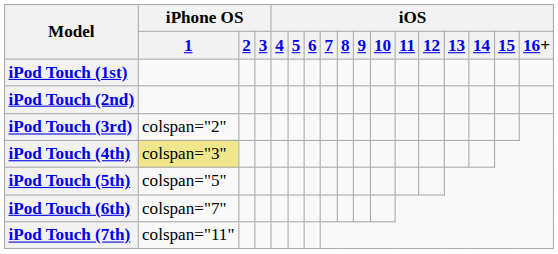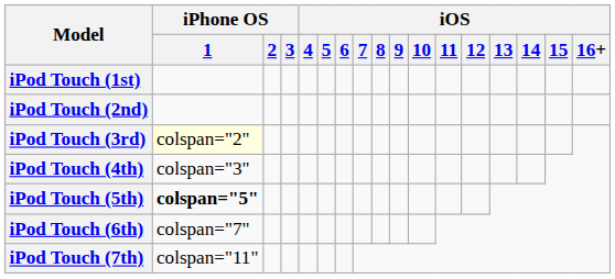 <table class="wikitable">
 <tr>
 <th scope="col" rowspan="2">Model</th>
 <th scope="colgroup" colspan="3">iPhone OS</th>
 <th scope="colgroup" colspan="15">iOS</th>
 </tr>
 <tr>
 <th scope="col"><a href='#'>1</a></th>
 <th scope="col"><a href='#'>2</a></th>
 <th scope="col"><a href='#'>3</a></th>
 <th scope="col"><a href='#'>4</a></th>
 <th scope="col"><a href='#'>5</a></th>
 <th scope="col"><a href='#'>6</a></th>
 <th scope="col"><a href='#'>7</a></th>
 <th scope="col"><a href='#'>8</a></th>
 <th scope="col"><a href='#'>9</a></th>
 <th scope="col"><a href='#'>10</a></th>
 <th scope="col"><a href='#'>11</a></th>
 <th scope="col"><a href='#'>12</a></th>
 <th scope="col"><a href='#'>13</a></th>
 <th scope="col"><a href='#'>14</a></th>
 <th scope="col"><a href='#'>15</a></th>
 <th scope="col"><a href='#'>16</a>+</th>
 </tr>
 <tr>
 <th scope="row" style="text-align: left"><a href='#'>iPod Touch (1st)</a></th>
 <td></td>
 <td></td>
 <td></td>
 <td></td>
 <td></td>
 <td></td>
 <td></td>
 <td></td>
 <td></td>
 <td></td>
 <td></td>
 <td></td>
 <td></td>
 <td></td>
 <td></td>
 <td></td>
 </tr>
 <tr>
 <th scope="row" style="text-align: left"><a href='#'>iPod Touch (2nd)</a></th>
 <td></td>
 <td></td>
 <td></td>
 <td></td>
 <td></td>
 <td></td>
 <td></td>
 <td></td>
 <td></td>
 <td></td>
 <td></td>
 <td></td>
 <td></td>
 <td></td>
 <td></td>
 <td></td>
 </tr>
 <tr>
 <th scope="row" style="text-align: left"><a href='#'>iPod Touch (3rd)</a></th>
-<td>colspan="2" </td>
+<td style="background: lightyellow;">colspan="2" </td>
 <td></td>
 <td></td>
 <td></td>
 <td></td>
 <td></td>
 <td></td>
 <td></td>
 <td></td>
 <td></td>
 <td></td>
 <td></td>
 <td></td>
 <td></td>
 <td></td>
 </tr>
 <tr>
 <th scope="row" style="text-align: left"><a href='#'>iPod Touch (4th)</a></th>
-<td style="background: khaki;">colspan="3" </td>
+<td>colspan="3" </td>
 <td></td>
 <td></td>
 <td></td>
 <td></td>
 <td></td>
 <td></td>
 <td></td>
 <td></td>
 <td></td>
 <td></td>
 <td></td>
 <td></td>
 <td></td>
 </tr>
 <tr>
 <th scope="row" style="text-align: left"><a href='#'>iPod Touch (5th)</a></th>
-<td>colspan="5" </td>
+<td><strong>colspan="5" </strong></td>
 <td></td>
 <td></td>
 <td></td>
 <td></td>
 <td></td>
 <td></td>
 <td></td>
 <td></td>
 <td></td>
 <td></td>
 <td></td>
 </tr>
 <tr>
 <th scope="row" style="text-align: left"><a href='#'>iPod Touch (6th)</a></th>
 <td>colspan="7" </td>
 <td></td>
 <td></td>
 <td></td>
 <td></td>
 <td></td>
 <td></td>
 <td></td>
 <td></td>
 <td></td>
 </tr>
 <tr>
 <th scope="row" style="text-align: left"><a href='#'>iPod Touch (7th)</a></th>
 <td>colspan="11" </td>
 <td></td>
 <td></td>
 <td></td>
 <td></td>
 <td></td>
 </tr>
 </table>
